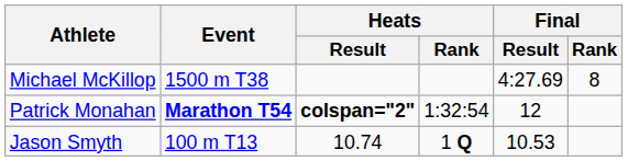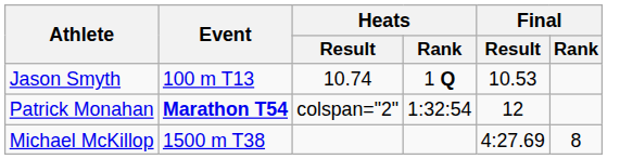 <table class=wikitable style=font-size:90%;text-align:center>
 <tr>
 <th rowspan=2>Athlete</th>
 <th rowspan=2>Event</th>
 <th colspan=2>Heats</th>
 <th colspan=2>Final</th>
 </tr>
 <tr style=font-size:95%>
 <th>Result</th>
 <th>Rank</th>
 <th>Result</th>
 <th>Rank</th>
 </tr>
 <tr>
+<td align=left><a href='#'>Jason Smyth</a></td>
+<td align=left><a href='#'>100 m T13</a></td>
+<td>10.74</td>
+<td>1 <strong>Q</strong></td>
+<td>10.53</td>
+<td></td>
+</tr>
+<tr>
+<td align=left><a href='#'>Patrick Monahan</a></td>
+<td align=left><strong><a href='#'>Marathon T54</a></strong></td>
+<td>colspan="2" </td>
+<td>1:32:54</td>
+<td>12</td>
+</tr>
+<tr>
 <td align=left><a href='#'>Michael McKillop</a></td>
 <td align=left><a href='#'>1500 m T38</a></td>
 <td></td>
 <td></td>
 <td>4:27.69</td>
 <td>8</td>
 </tr>
-<tr>
-<td align=left><a href='#'>Patrick Monahan</a></td>
-<td align=left><strong><a href='#'>Marathon T54</a></strong></td>
-<td><strong>colspan="2" </strong></td>
-<td>1:32:54</td>
-<td>12</td>
-</tr>
-<tr>
-<td align=left><a href='#'>Jason Smyth</a></td>
-<td align=left><a href='#'>100 m T13</a></td>
-<td>10.74</td>
-<td>1 <strong>Q</strong></td>
-<td>10.53</td>
-<td></td>
-</tr>
 </table>
